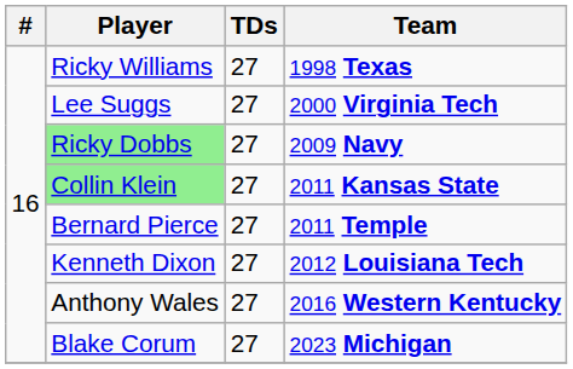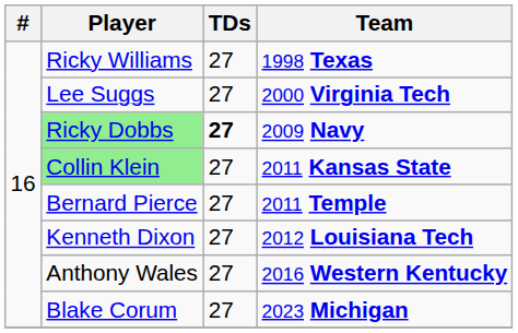 <table class="wikitable" style="font-size:90%; white-space: nowrap;">
 <tr>
 <th>#</th>
 <th>Player</th>
 <th>TDs</th>
 <th>Team</th>
 </tr>
 <tr>
 <td rowspan=8>16</td>
 <td><a href='#'>Ricky Williams</a></td>
 <td>27</td>
 <td><small><a href='#'>1998</a></small> <strong><a href='#'>Texas</a></strong></td>
 </tr>
 <tr>
 <td><a href='#'>Lee Suggs</a></td>
 <td>27</td>
 <td><small><a href='#'>2000</a></small> <strong><a href='#'>Virginia Tech</a></strong></td>
 </tr>
 <tr>
 <td bgcolor=lightgreen><a href='#'>Ricky Dobbs</a></td>
-<td>27</td>
+<td><strong>27</strong></td>
 <td><small><a href='#'>2009</a></small> <strong><a href='#'>Navy</a></strong></td>
 </tr>
 <tr>
 <td bgcolor=lightgreen><a href='#'>Collin Klein</a></td>
 <td>27</td>
 <td><small><a href='#'>2011</a></small> <strong><a href='#'>Kansas State</a></strong></td>
 </tr>
 <tr>
 <td><a href='#'>Bernard Pierce</a></td>
 <td>27</td>
 <td><small><a href='#'>2011</a></small> <strong><a href='#'>Temple</a></strong></td>
 </tr>
 <tr>
 <td><a href='#'>Kenneth Dixon</a></td>
 <td>27</td>
 <td><small><a href='#'>2012</a></small> <strong><a href='#'>Louisiana Tech</a></strong></td>
 </tr>
 <tr>
 <td>Anthony Wales</td>
 <td>27</td>
 <td><small><a href='#'>2016</a></small> <strong><a href='#'>Western Kentucky</a></strong></td>
 </tr>
 <tr>
 <td><a href='#'>Blake Corum</a></td>
 <td>27</td>
 <td><small><a href='#'>2023</a></small> <strong><a href='#'>Michigan</a></strong></td>
 </tr>
 <tr>
 </tr>
 </table>
